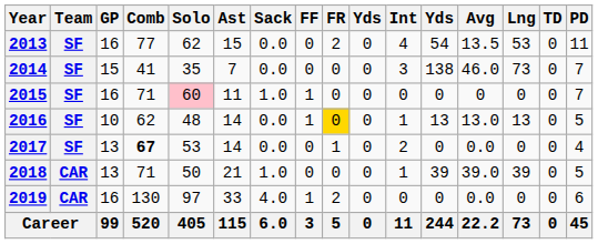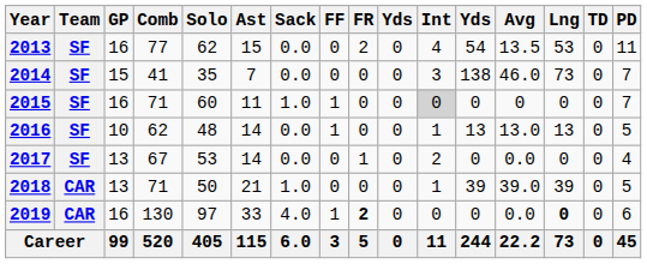 <table class="wikitable" style="text-align:center">
 <tr>
 <th>Year</th>
 <th>Team</th>
 <th>GP</th>
 <th>Comb</th>
 <th>Solo</th>
 <th>Ast</th>
 <th>Sack</th>
 <th>FF</th>
 <th>FR</th>
 <th>Yds</th>
 <th>Int</th>
 <th>Yds</th>
 <th>Avg</th>
 <th>Lng</th>
 <th>TD</th>
 <th>PD</th>
 </tr>
 <tr>
 <th><a href='#'>2013</a></th>
 <th><a href='#'>SF</a></th>
 <td>16</td>
 <td>77</td>
 <td>62</td>
 <td>15</td>
 <td>0.0</td>
 <td>0</td>
 <td>2</td>
 <td>0</td>
 <td>4</td>
 <td>54</td>
 <td>13.5</td>
 <td>53</td>
 <td>0</td>
 <td>11</td>
 </tr>
 <tr>
 <th><a href='#'>2014</a></th>
 <th><a href='#'>SF</a></th>
 <td>15</td>
 <td>41</td>
 <td>35</td>
 <td>7</td>
 <td>0.0</td>
 <td>0</td>
 <td>0</td>
 <td>0</td>
 <td>3</td>
 <td>138</td>
 <td>46.0</td>
 <td>73</td>
 <td>0</td>
 <td>7</td>
 </tr>
 <tr>
 <th><a href='#'>2015</a></th>
 <th><a href='#'>SF</a></th>
 <td>16</td>
 <td>71</td>
-<td style="background: pink;">60</td>
+<td>60</td>
 <td>11</td>
 <td>1.0</td>
 <td>1</td>
 <td>0</td>
 <td>0</td>
-<td>0</td>
+<td style="background: lightgrey;">0</td>
 <td>0</td>
 <td>0</td>
 <td>0</td>
 <td>0</td>
 <td>7</td>
 </tr>
 <tr>
 <th><a href='#'>2016</a></th>
 <th><a href='#'>SF</a></th>
 <td>10</td>
 <td>62</td>
 <td>48</td>
 <td>14</td>
 <td>0.0</td>
 <td>1</td>
-<td style="background: gold;">0</td>
+<td>0</td>
 <td>0</td>
 <td>1</td>
 <td>13</td>
 <td>13.0</td>
 <td>13</td>
 <td>0</td>
 <td>5</td>
 </tr>
 <tr>
 <th><a href='#'>2017</a></th>
 <th><a href='#'>SF</a></th>
 <td>13</td>
-<td><strong>67</strong></td>
+<td>67</td>
 <td>53</td>
 <td>14</td>
 <td>0.0</td>
 <td>0</td>
 <td>1</td>
 <td>0</td>
 <td>2</td>
 <td>0</td>
 <td>0.0</td>
 <td>0</td>
 <td>0</td>
 <td>4</td>
 </tr>
 <tr>
 <th><a href='#'>2018</a></th>
 <th><a href='#'>CAR</a></th>
 <td>13</td>
 <td>71</td>
 <td>50</td>
 <td>21</td>
 <td>1.0</td>
 <td>0</td>
 <td>0</td>
 <td>0</td>
 <td>1</td>
 <td>39</td>
 <td>39.0</td>
 <td>39</td>
 <td>0</td>
 <td>5</td>
 </tr>
 <tr>
 <th><a href='#'>2019</a></th>
 <th><a href='#'>CAR</a></th>
 <td>16</td>
 <td>130</td>
 <td>97</td>
 <td>33</td>
 <td>4.0</td>
 <td>1</td>
-<td>2</td>
+<td><strong>2</strong></td>
 <td>0</td>
 <td>0</td>
 <td>0</td>
 <td>0.0</td>
-<td>0</td>
+<td><strong>0</strong></td>
 <td>0</td>
 <td>6</td>
 </tr>
 <tr>
 <th colspan="2">Career</th>
 <th>99</th>
 <th>520</th>
 <th>405</th>
 <th>115</th>
 <th>6.0</th>
 <th>3</th>
 <th>5</th>
 <th>0</th>
 <th>11</th>
 <th>244</th>
 <th>22.2</th>
 <th>73</th>
 <th>0</th>
 <th>45</th>
 </tr>
 </table>
